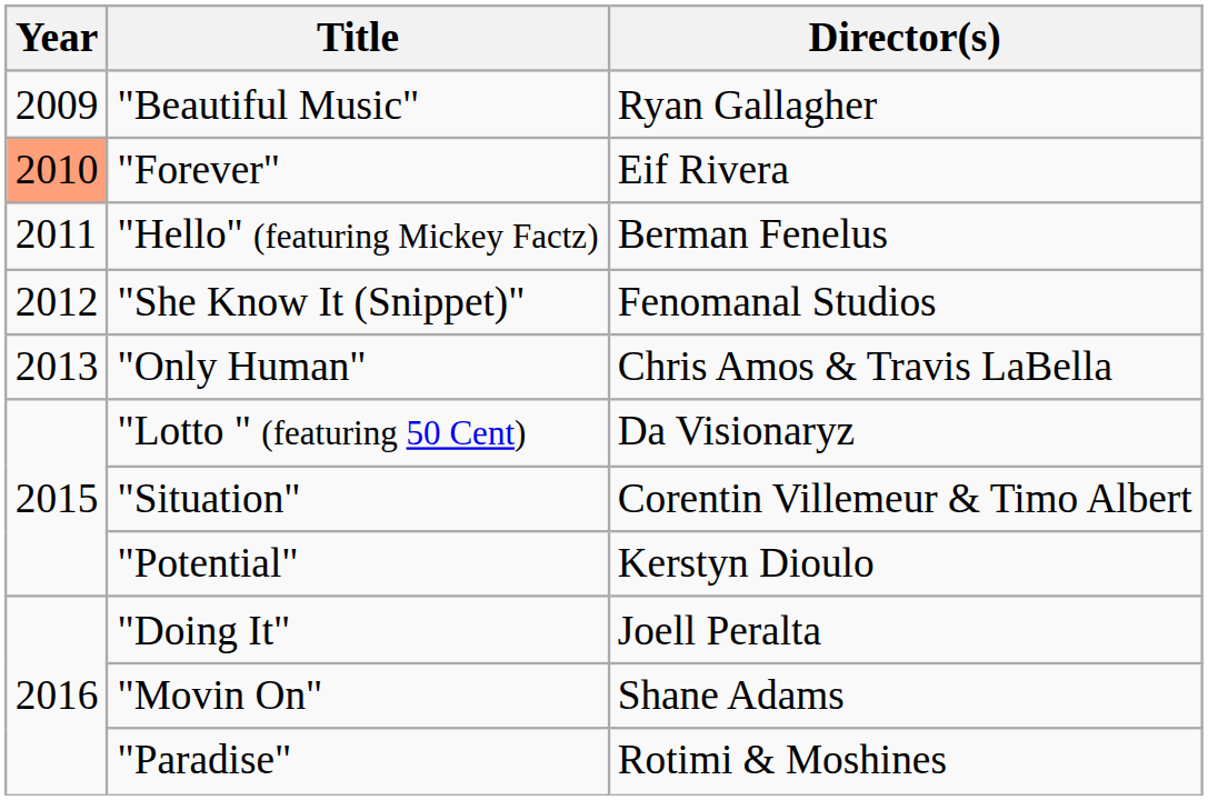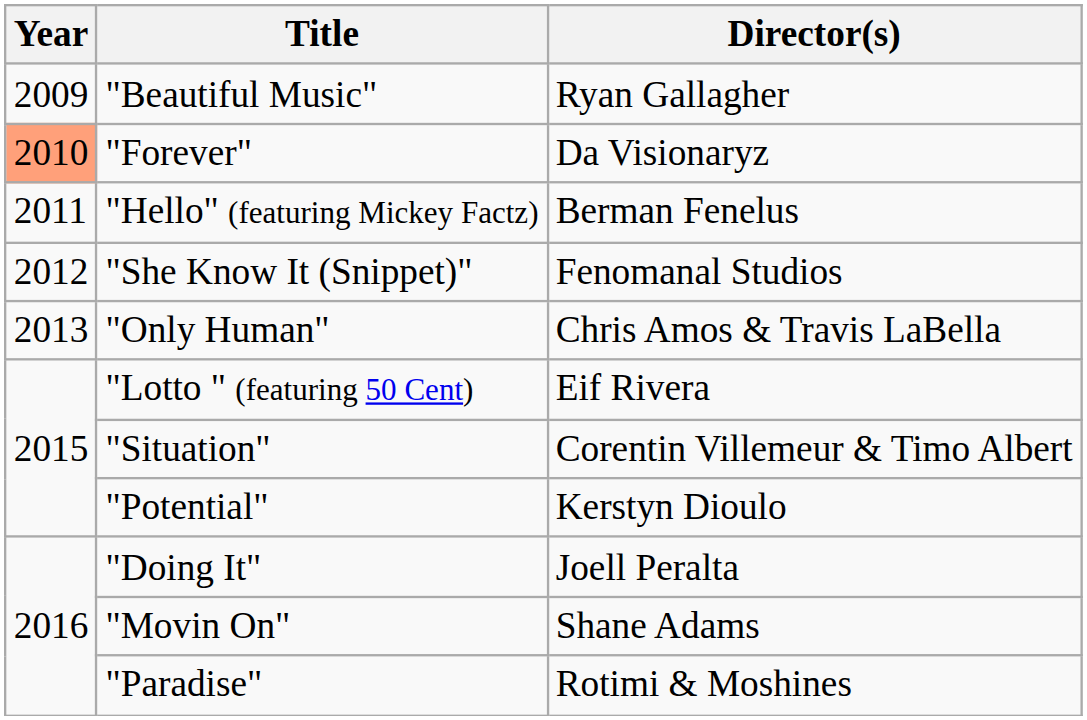 <table class="wikitable">
 <tr>
 <th>Year</th>
 <th>Title</th>
 <th>Director(s)</th>
 </tr>
 <tr>
 <td>2009</td>
 <td>"Beautiful Music"</td>
 <td>Ryan Gallagher</td>
 </tr>
 <tr>
 <td style="background: lightsalmon;">2010</td>
 <td>"Forever"</td>
-<td>Eif Rivera</td>
+<td>Da Visionaryz</td>
 </tr>
 <tr>
 <td>2011</td>
 <td>"Hello" <small>(featuring Mickey Factz)</small></td>
 <td>Berman Fenelus</td>
 </tr>
 <tr>
 <td>2012</td>
 <td>"She Know It (Snippet)"</td>
 <td>Fenomanal Studios</td>
 </tr>
 <tr>
 <td>2013</td>
 <td>"Only Human"</td>
 <td>Chris Amos & Travis LaBella</td>
 </tr>
 <tr>
 <td rowspan="3">2015</td>
 <td>"Lotto " <small>(featuring <a href='#'>50 Cent</a>)</small></td>
-<td>Da Visionaryz</td>
+<td>Eif Rivera</td>
 </tr>
 <tr>
 <td>"Situation"</td>
 <td>Corentin Villemeur & Timo Albert</td>
 </tr>
 <tr>
 <td>"Potential"</td>
 <td>Kerstyn Dioulo</td>
 </tr>
 <tr>
 <td rowspan="3">2016</td>
 <td>"Doing It"</td>
 <td>Joell Peralta</td>
 </tr>
 <tr>
 <td>"Movin On"</td>
 <td>Shane Adams</td>
 </tr>
 <tr>
 <td>"Paradise"</td>
 <td>Rotimi & Moshines</td>
 </tr>
 </table>
